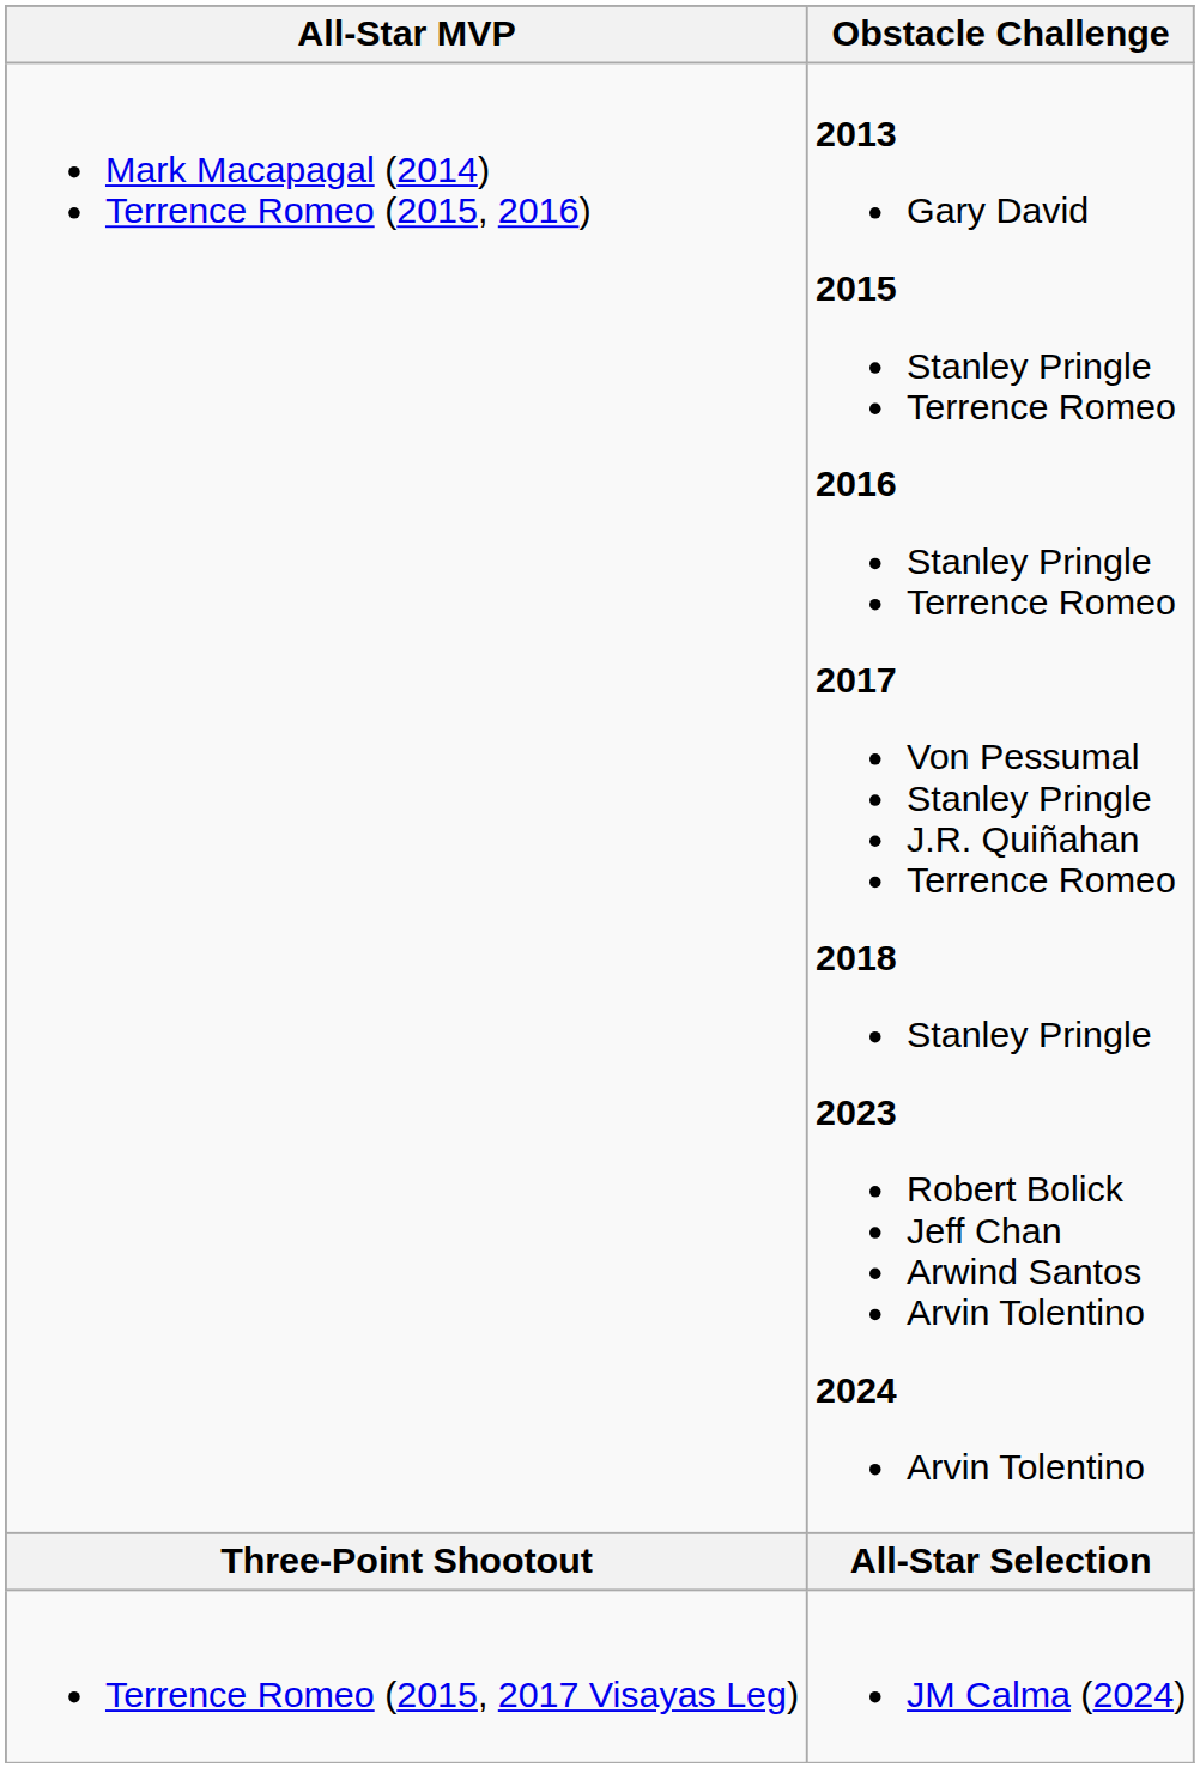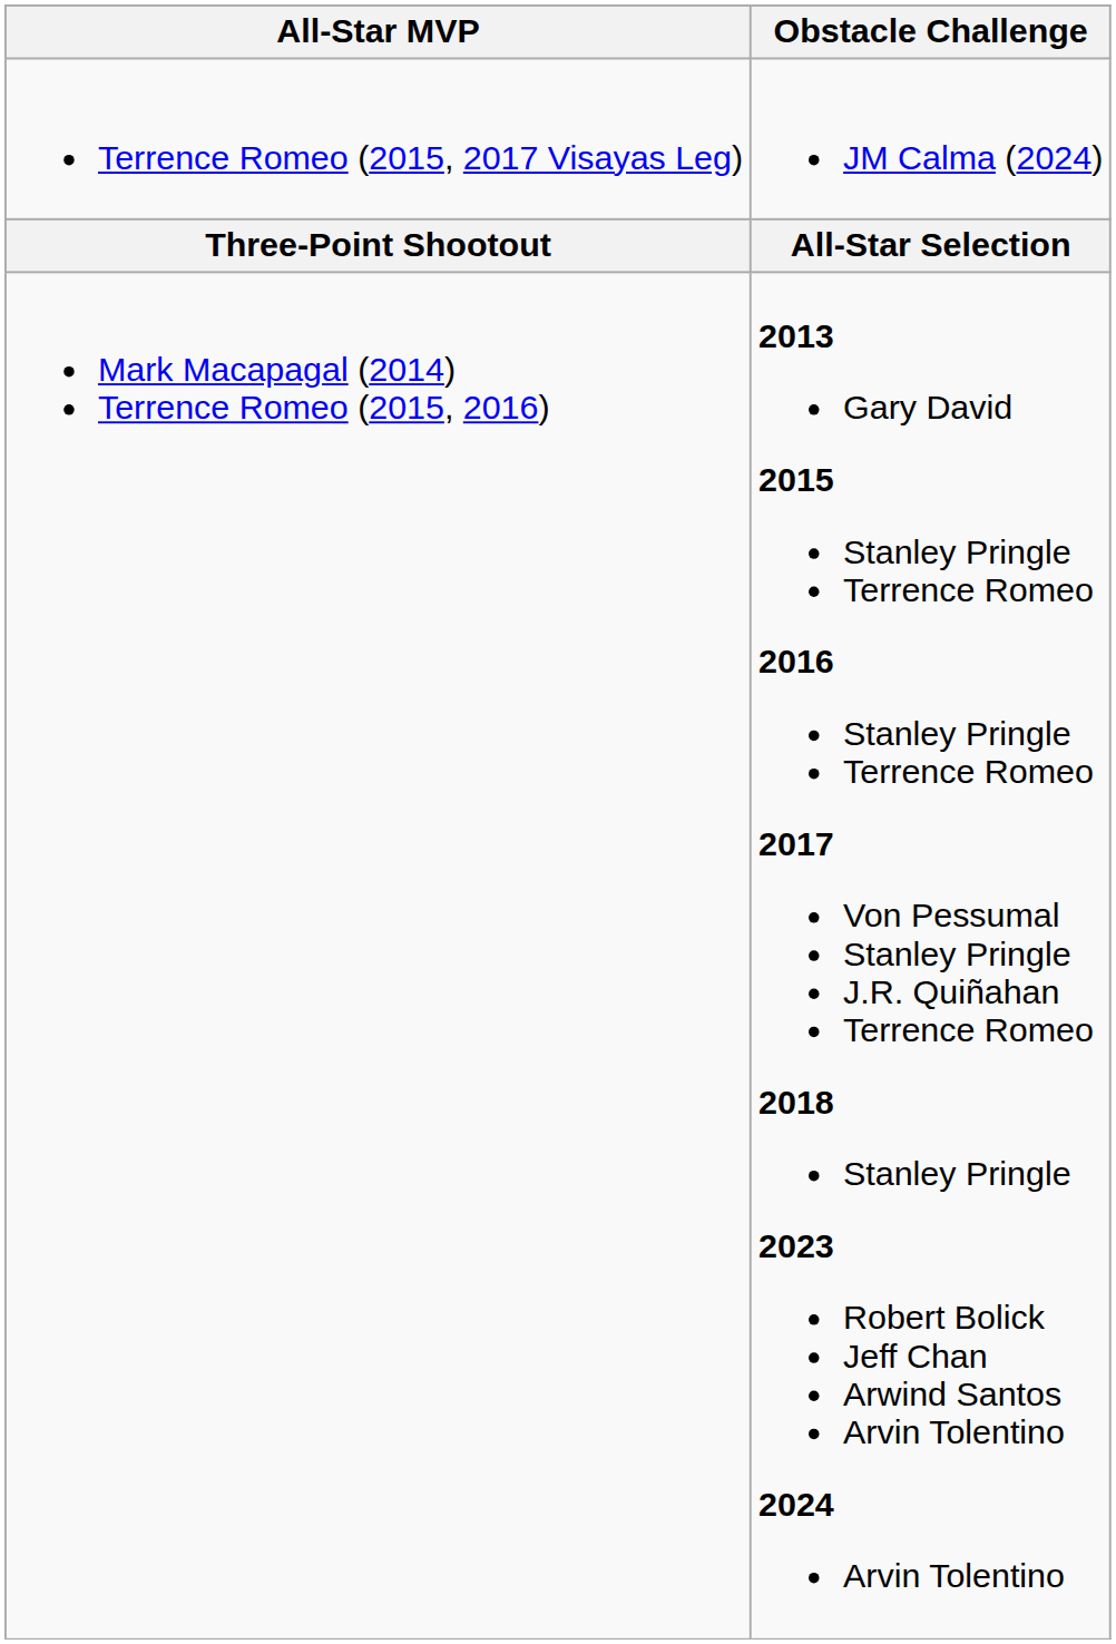 <table class=wikitable>
 <tr>
 <th>All-Star MVP</th>
 <th>Obstacle Challenge</th>
 </tr>
 <tr>
-<td valign="top"><br><ul><li><a href='#'>Mark Macapagal</a> (<a href='#'>2014</a>)</li><li><a href='#'>Terrence Romeo</a> (<a href='#'>2015</a>, <a href='#'>2016</a>)</li></ul></td>
-<td valign="top"><br><strong>2013</strong><ul><li>Gary David</li></ul><strong>2015</strong><ul><li>Stanley Pringle</li><li>Terrence Romeo</li></ul><strong>2016</strong><ul><li>Stanley Pringle</li><li>Terrence Romeo</li></ul><strong>2017</strong><ul><li>Von Pessumal</li><li>Stanley Pringle</li><li>J.R. Quiñahan</li><li>Terrence Romeo</li></ul><strong>2018</strong><ul><li>Stanley Pringle</li></ul><strong>2023</strong><ul><li>Robert Bolick</li><li>Jeff Chan</li><li>Arwind Santos</li><li>Arvin Tolentino</li></ul><strong>2024</strong><ul><li>Arvin Tolentino</li></ul></td>
+<td valign="top"><br><ul><li><a href='#'>Terrence Romeo</a> (<a href='#'>2015</a>, <a href='#'>2017 Visayas Leg</a>)</li></ul></td>
+<td valign="top"><br><ul><li><a href='#'>JM Calma</a> (<a href='#'>2024</a>)</li></ul></td>
 </tr>
 <tr>
 <th>Three-Point Shootout</th>
 <th>All-Star Selection</th>
 </tr>
 <tr>
-<td valign="top"><br><ul><li><a href='#'>Terrence Romeo</a> (<a href='#'>2015</a>, <a href='#'>2017 Visayas Leg</a>)</li></ul></td>
-<td valign="top"><br><ul><li><a href='#'>JM Calma</a> (<a href='#'>2024</a>)</li></ul></td>
+<td valign="top"><br><ul><li><a href='#'>Mark Macapagal</a> (<a href='#'>2014</a>)</li><li><a href='#'>Terrence Romeo</a> (<a href='#'>2015</a>, <a href='#'>2016</a>)</li></ul></td>
+<td valign="top"><br><strong>2013</strong><ul><li>Gary David</li></ul><strong>2015</strong><ul><li>Stanley Pringle</li><li>Terrence Romeo</li></ul><strong>2016</strong><ul><li>Stanley Pringle</li><li>Terrence Romeo</li></ul><strong>2017</strong><ul><li>Von Pessumal</li><li>Stanley Pringle</li><li>J.R. Quiñahan</li><li>Terrence Romeo</li></ul><strong>2018</strong><ul><li>Stanley Pringle</li></ul><strong>2023</strong><ul><li>Robert Bolick</li><li>Jeff Chan</li><li>Arwind Santos</li><li>Arvin Tolentino</li></ul><strong>2024</strong><ul><li>Arvin Tolentino</li></ul></td>
 </tr>
 </table>
